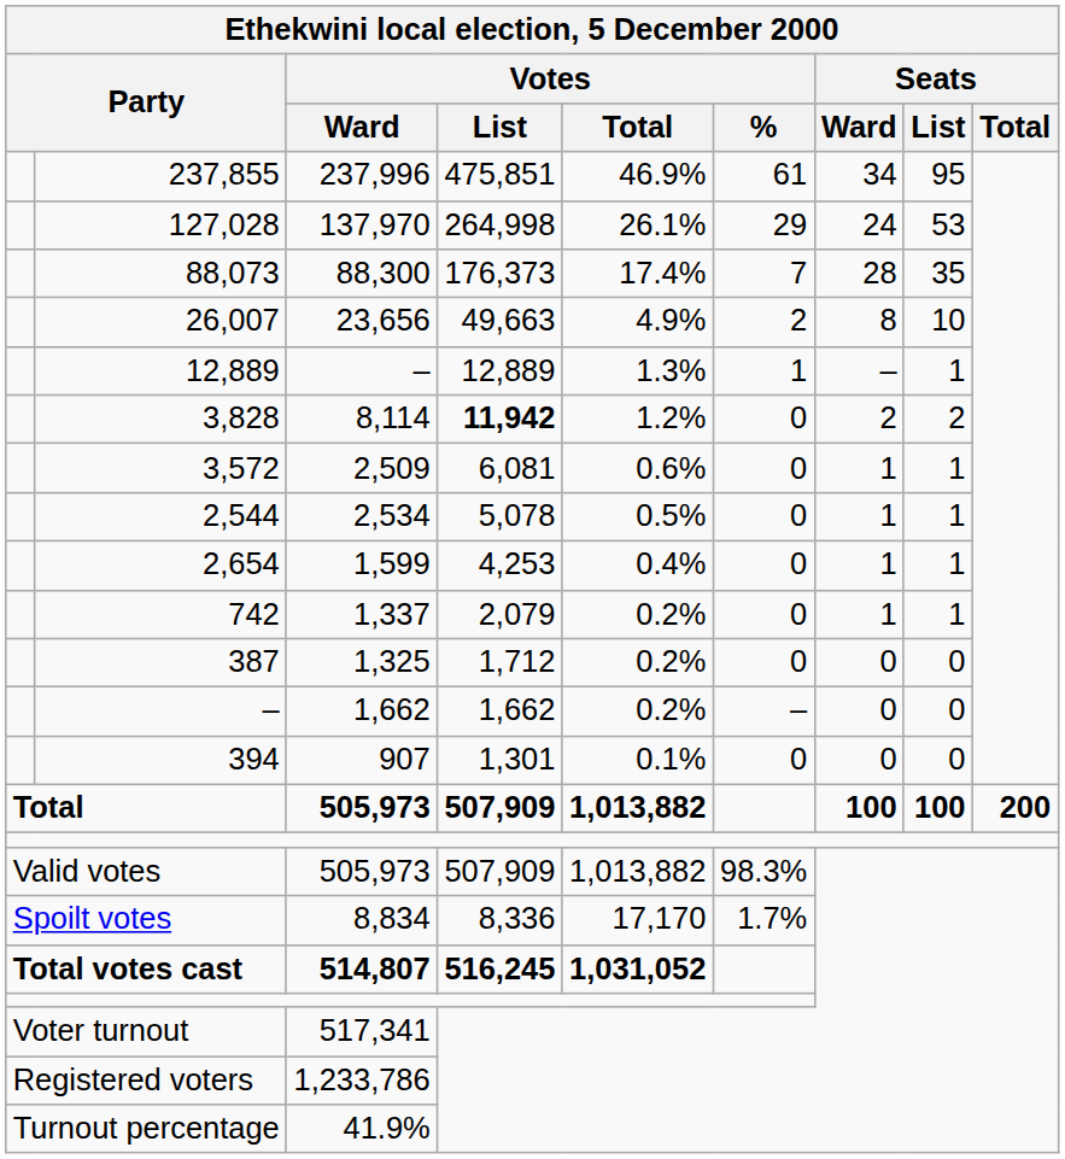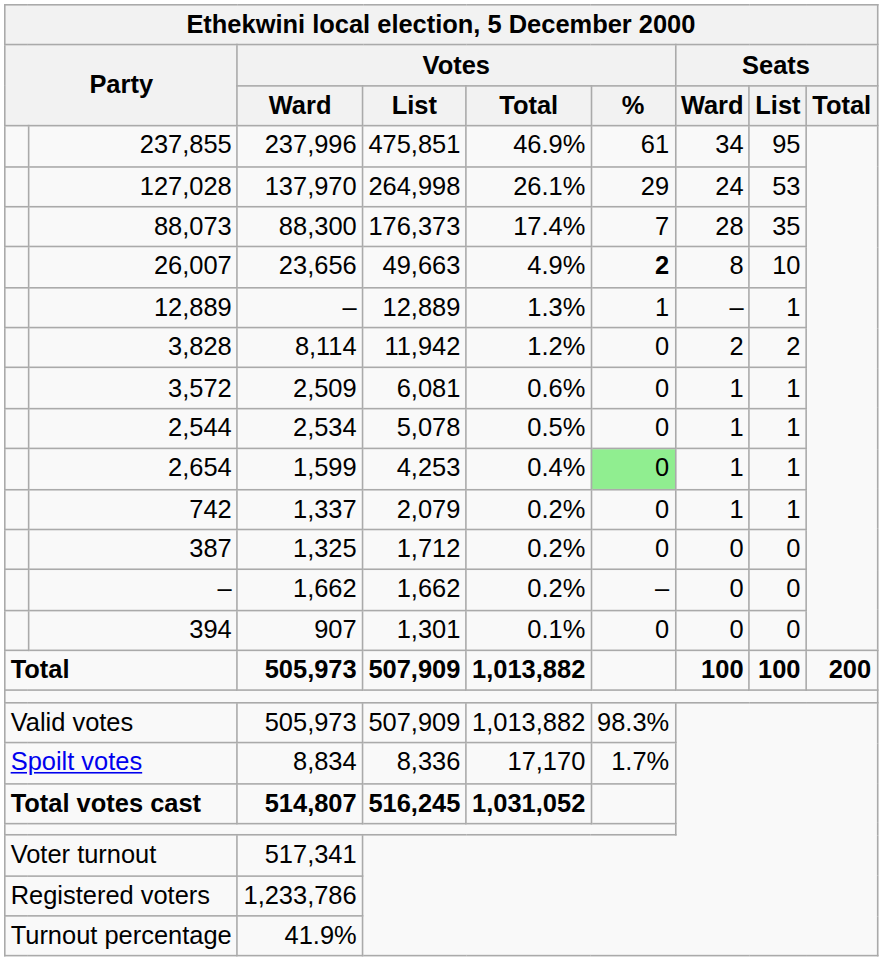 <table class=wikitable style="text-align:right">
 <tr>
 <th colspan="9" align="center">Ethekwini local election, 5 December 2000</th>
 </tr>
 <tr>
 <th rowspan="2" colspan="2">Party</th>
 <th colspan="4" align="center">Votes</th>
 <th colspan="3" align="center">Seats</th>
 </tr>
 <tr>
 <th>Ward</th>
 <th>List</th>
 <th>Total</th>
 <th>%</th>
 <th>Ward</th>
 <th>List</th>
 <th>Total</th>
 </tr>
 <tr>
 <td></td>
 <td>237,855</td>
 <td>237,996</td>
 <td>475,851</td>
 <td>46.9%</td>
 <td>61</td>
 <td>34</td>
 <td>95</td>
 </tr>
 <tr>
 <td></td>
 <td>127,028</td>
 <td>137,970</td>
 <td>264,998</td>
 <td>26.1%</td>
 <td>29</td>
 <td>24</td>
 <td>53</td>
 </tr>
 <tr>
 <td></td>
 <td>88,073</td>
 <td>88,300</td>
 <td>176,373</td>
 <td>17.4%</td>
 <td>7</td>
 <td>28</td>
 <td>35</td>
 </tr>
 <tr>
 <td></td>
 <td>26,007</td>
 <td>23,656</td>
 <td>49,663</td>
 <td>4.9%</td>
-<td>2</td>
+<td><strong>2</strong></td>
 <td>8</td>
 <td>10</td>
 </tr>
 <tr>
 <td></td>
 <td>12,889</td>
 <td>–</td>
 <td>12,889</td>
 <td>1.3%</td>
 <td>1</td>
 <td>–</td>
 <td>1</td>
 </tr>
 <tr>
 <td></td>
 <td>3,828</td>
 <td>8,114</td>
-<td><strong>11,942</strong></td>
+<td>11,942</td>
 <td>1.2%</td>
 <td>0</td>
 <td>2</td>
 <td>2</td>
 </tr>
 <tr>
 <td></td>
 <td>3,572</td>
 <td>2,509</td>
 <td>6,081</td>
 <td>0.6%</td>
 <td>0</td>
 <td>1</td>
 <td>1</td>
 </tr>
 <tr>
 <td></td>
 <td>2,544</td>
 <td>2,534</td>
 <td>5,078</td>
 <td>0.5%</td>
 <td>0</td>
 <td>1</td>
 <td>1</td>
 </tr>
 <tr>
 <td></td>
 <td>2,654</td>
 <td>1,599</td>
 <td>4,253</td>
 <td>0.4%</td>
-<td>0</td>
+<td style="background: lightgreen;">0</td>
 <td>1</td>
 <td>1</td>
 </tr>
 <tr>
 <td></td>
 <td>742</td>
 <td>1,337</td>
 <td>2,079</td>
 <td>0.2%</td>
 <td>0</td>
 <td>1</td>
 <td>1</td>
 </tr>
 <tr>
 <td></td>
 <td>387</td>
 <td>1,325</td>
 <td>1,712</td>
 <td>0.2%</td>
 <td>0</td>
 <td>0</td>
 <td>0</td>
 </tr>
 <tr>
 <td></td>
 <td>–</td>
 <td>1,662</td>
 <td>1,662</td>
 <td>0.2%</td>
 <td>–</td>
 <td>0</td>
 <td>0</td>
 </tr>
 <tr>
 <td></td>
 <td>394</td>
 <td>907</td>
 <td>1,301</td>
 <td>0.1%</td>
 <td>0</td>
 <td>0</td>
 <td>0</td>
 </tr>
 <tr>
 <td colspan="2" style="text-align:left"><strong>Total</strong></td>
 <td><strong>505,973</strong></td>
 <td><strong>507,909</strong></td>
 <td><strong>1,013,882</strong></td>
 <td></td>
 <td><strong>100</strong></td>
 <td><strong>100</strong></td>
 <td><strong>200</strong></td>
 </tr>
 <tr>
 <td colspan="9"></td>
 </tr>
 <tr>
 <td colspan="2" style="text-align:left">Valid votes</td>
 <td>505,973</td>
 <td>507,909</td>
 <td>1,013,882</td>
 <td>98.3%</td>
 </tr>
 <tr>
 <td colspan="2" style="text-align:left"><a href='#'>Spoilt votes</a></td>
 <td>8,834</td>
 <td>8,336</td>
 <td>17,170</td>
 <td>1.7%</td>
 </tr>
 <tr>
 <td colspan="2" style="text-align:left"><strong>Total votes cast</strong></td>
 <td><strong>514,807</strong></td>
 <td><strong>516,245</strong></td>
 <td><strong>1,031,052</strong></td>
 <td></td>
 </tr>
 <tr>
 <td colspan="6"></td>
 </tr>
 <tr>
 <td colspan="2" style="text-align:left">Voter turnout</td>
 <td>517,341</td>
 </tr>
 <tr>
 <td colspan="2" style="text-align:left">Registered voters</td>
 <td>1,233,786</td>
 </tr>
 <tr>
 <td colspan="2" style="text-align:left">Turnout percentage</td>
 <td>41.9%</td>
 </tr>
 </table>
